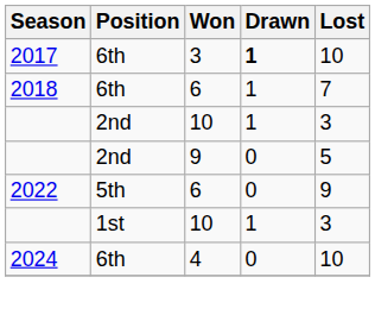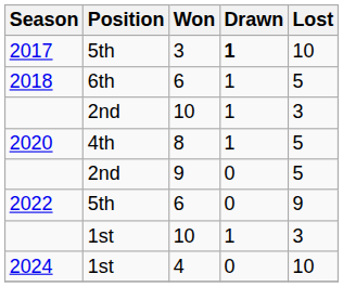 <table class="wikitable collapsible">
 <tr>
 <th>Season</th>
 <th>Position</th>
 <th>Won</th>
 <th>Drawn</th>
 <th>Lost</th>
 </tr>
 <tr>
 <td><a href='#'>2017</a></td>
-<td>6th</td>
+<td>5th</td>
 <td>3</td>
 <td><strong>1</strong></td>
 <td>10</td>
 </tr>
 <tr>
 <td><a href='#'>2018</a></td>
 <td>6th</td>
 <td>6</td>
 <td>1</td>
-<td>7</td>
+<td>5</td>
 </tr>
 <tr style="background-color:#">
 <td></td>
 <td>2nd</td>
 <td>10</td>
 <td>1</td>
 <td>3</td>
+</tr>
+<tr>
+<td><a href='#'>2020</a></td>
+<td>4th</td>
+<td>8</td>
+<td>1</td>
+<td>5</td>
 </tr>
 <tr style="background-color:#">
 <td></td>
 <td>2nd</td>
 <td>9</td>
 <td>0</td>
 <td>5</td>
 </tr>
 <tr>
 <td><a href='#'>2022</a></td>
 <td>5th</td>
 <td>6</td>
 <td>0</td>
 <td>9</td>
 </tr>
 <tr style="background-color:#">
 <td></td>
 <td>1st</td>
 <td>10</td>
 <td>1</td>
 <td>3</td>
 </tr>
 <tr>
 <td><a href='#'>2024</a></td>
-<td>6th</td>
+<td>1st</td>
 <td>4</td>
 <td>0</td>
 <td>10</td>
 </tr>
 <tr style="background-color:#">
 </tr>
 </table>
